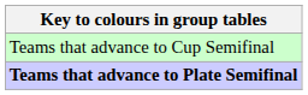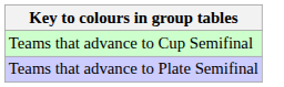 <table class="wikitable" style="text-align: center;">
 <tr>
 <th colspan=2>Key to colours in group tables</th>
 </tr>
 <tr bgcolor=ccffcc>
 <td align=left>Teams that advance to Cup Semifinal</td>
 </tr>
 <tr bgcolor=ccccff>
-<td align=left><strong>Teams that advance to Plate Semifinal</strong></td>
+<td align=left>Teams that advance to Plate Semifinal</td>
 </tr>
 </table>
